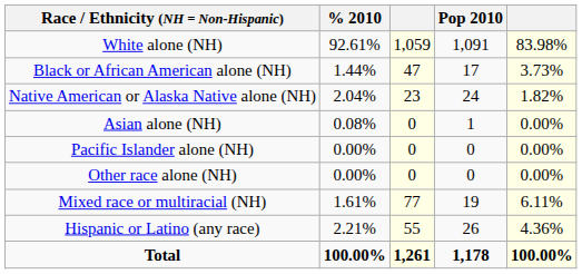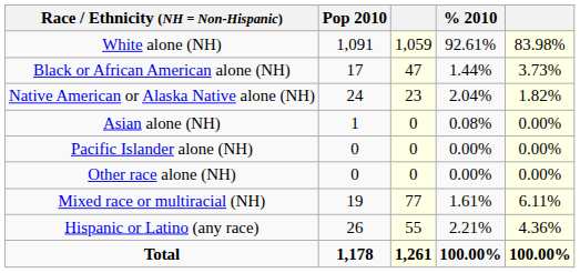 <table class="wikitable" style="text-align:center;">
 <tr>
 <th>Race / Ethnicity <small>(<em>NH = Non-Hispanic</em>)</small></th>
+<th>Pop 2010</th>
+<th></th>
 <th>% 2010</th>
-<th></th>
-<th>Pop 2010</th>
 <th></th>
 </tr>
 <tr>
 <td><a href='#'>White</a> alone (NH)</td>
+<td>1,091</td>
+<td style='background: #ffffe6;'>1,059</td>
 <td>92.61%</td>
-<td style='background: #ffffe6;'>1,059</td>
-<td>1,091</td>
 <td style='background: #ffffe6;'>83.98%</td>
 </tr>
 <tr>
 <td><a href='#'>Black or African American</a> alone (NH)</td>
+<td>17</td>
+<td style='background: #ffffe6;'>47</td>
 <td>1.44%</td>
-<td style='background: #ffffe6;'>47</td>
-<td>17</td>
 <td style='background: #ffffe6;'>3.73%</td>
 </tr>
 <tr>
 <td><a href='#'>Native American</a> or <a href='#'>Alaska Native</a> alone (NH)</td>
+<td>24</td>
+<td style='background: #ffffe6;'>23</td>
 <td>2.04%</td>
-<td style='background: #ffffe6;'>23</td>
-<td>24</td>
 <td style='background: #ffffe6;'>1.82%</td>
 </tr>
 <tr>
 <td><a href='#'>Asian</a> alone (NH)</td>
+<td>1</td>
+<td style='background: #ffffe6;'>0</td>
 <td>0.08%</td>
-<td style='background: #ffffe6;'>0</td>
-<td>1</td>
 <td style='background: #ffffe6;'>0.00%</td>
 </tr>
 <tr>
 <td><a href='#'>Pacific Islander</a> alone (NH)</td>
+<td>0</td>
+<td style='background: #ffffe6;'>0</td>
 <td>0.00%</td>
-<td style='background: #ffffe6;'>0</td>
-<td>0</td>
 <td style='background: #ffffe6;'>0.00%</td>
 </tr>
 <tr>
 <td><a href='#'>Other race</a> alone (NH)</td>
+<td>0</td>
+<td style='background: #ffffe6;'>0</td>
 <td>0.00%</td>
-<td style='background: #ffffe6;'>0</td>
-<td>0</td>
 <td style='background: #ffffe6;'>0.00%</td>
 </tr>
 <tr>
 <td><a href='#'>Mixed race or multiracial</a> (NH)</td>
+<td>19</td>
+<td style='background: #ffffe6;'>77</td>
 <td>1.61%</td>
-<td style='background: #ffffe6;'>77</td>
-<td>19</td>
 <td style='background: #ffffe6;'>6.11%</td>
 </tr>
 <tr>
 <td><a href='#'>Hispanic or Latino</a> (any race)</td>
+<td>26</td>
+<td style='background: #ffffe6;'>55</td>
 <td>2.21%</td>
-<td style='background: #ffffe6;'>55</td>
-<td>26</td>
 <td style='background: #ffffe6;'>4.36%</td>
 </tr>
 <tr>
 <td><strong>Total</strong></td>
+<td><strong>1,178</strong></td>
+<td style='background: #ffffe6;'><strong>1,261</strong></td>
 <td><strong>100.00%</strong></td>
-<td style='background: #ffffe6;'><strong>1,261</strong></td>
-<td><strong>1,178</strong></td>
 <td style='background: #ffffe6;'><strong>100.00%</strong></td>
 </tr>
 </table>
